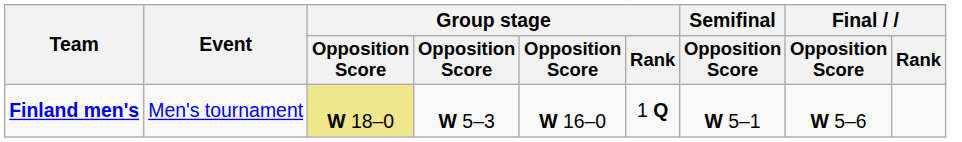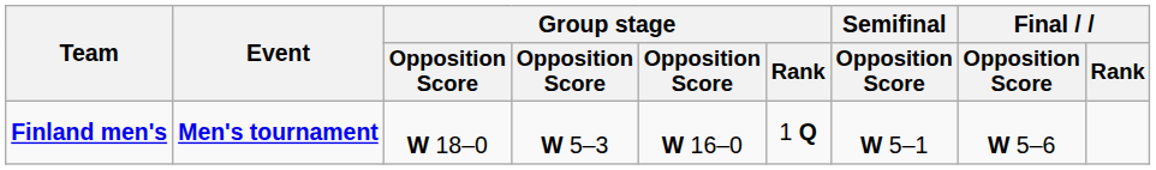 <table class="wikitable" style="text-align:center; font-size:90%">
 <tr>
 <th rowspan=2>Team</th>
 <th rowspan=2>Event</th>
 <th colspan=4>Group stage</th>
 <th>Semifinal</th>
 <th colspan=2>Final /  / </th>
 </tr>
 <tr style="font-size:95%">
 <th>Opposition<br>Score</th>
 <th>Opposition<br>Score</th>
 <th>Opposition<br>Score</th>
 <th>Rank</th>
 <th>Opposition<br>Score</th>
 <th>Opposition<br>Score</th>
 <th>Rank</th>
 </tr>
 <tr>
 <td align=left><strong><a href='#'>Finland men's</a></strong></td>
-<td align=left><a href='#'>Men's tournament</a></td>
-<td style="background: khaki;"><br><strong>W</strong> 18–0</td>
+<td align=left><strong><a href='#'>Men's tournament</a></strong></td>
+<td><br><strong>W</strong> 18–0</td>
 <td><br><strong>W</strong> 5–3</td>
 <td><br><strong>W</strong> 16–0</td>
 <td>1 <strong>Q</strong></td>
 <td><br><strong>W</strong> 5–1</td>
 <td><br><strong>W</strong> 5–6</td>
 <td></td>
 </tr>
 </table>
